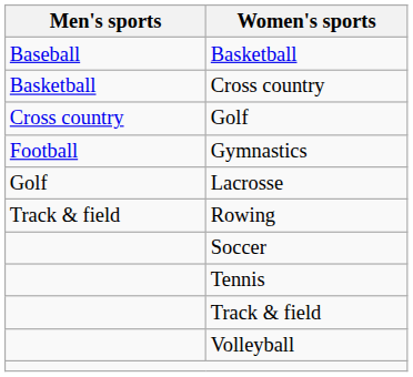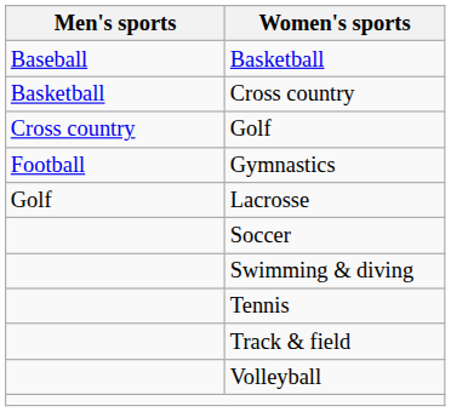 <table class="wikitable" style= " ">
 <tr>
 <th width=150px>Men's sports</th>
 <th width=150px>Women's sports</th>
 </tr>
 <tr>
 <td><a href='#'>Baseball</a></td>
 <td><a href='#'>Basketball</a></td>
 </tr>
 <tr>
 <td><a href='#'>Basketball</a></td>
 <td>Cross country</td>
 </tr>
 <tr>
 <td><a href='#'>Cross country</a></td>
 <td>Golf</td>
 </tr>
 <tr>
 <td><a href='#'>Football</a></td>
 <td>Gymnastics</td>
 </tr>
 <tr>
 <td>Golf</td>
 <td>Lacrosse</td>
 </tr>
 <tr>
-<td>Track & field</td>
-<td>Rowing</td>
+<td></td>
+<td>Soccer</td>
 </tr>
 <tr>
 <td></td>
-<td>Soccer</td>
+<td>Swimming & diving</td>
 </tr>
 <tr>
 <td></td>
 <td>Tennis</td>
 </tr>
 <tr>
 <td></td>
 <td>Track & field</td>
 </tr>
 <tr>
 <td></td>
 <td>Volleyball</td>
 </tr>
 <tr>
 <td colspan="2"></td>
 </tr>
 </table>
